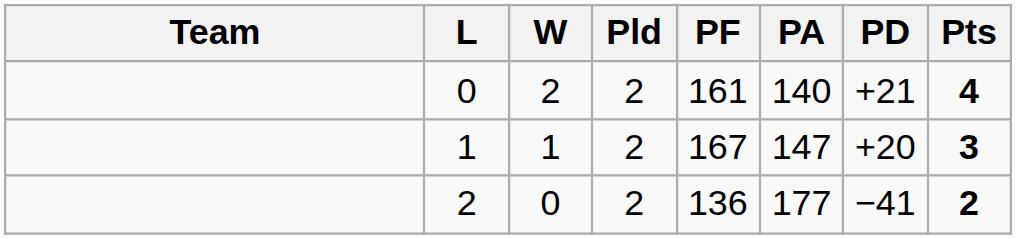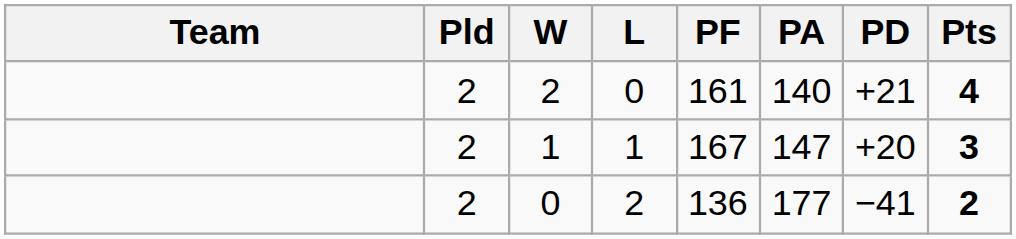 <table class=wikitable style="text-align:center">
 <tr>
 <th width=180>Team</th>
+<th width=30>Pld</th>
+<th width=30>W</th>
 <th width=30>L</th>
-<th width=30>W</th>
-<th width=30>Pld</th>
 <th width=30>PF</th>
 <th width=30>PA</th>
 <th width=30>PD</th>
 <th width=30>Pts</th>
 </tr>
 <tr>
 <td align="left"></td>
-<td>0</td>
 <td>2</td>
 <td>2</td>
+<td>0</td>
 <td>161</td>
 <td>140</td>
 <td>+21</td>
 <td><strong>4</strong></td>
 </tr>
 <tr>
 <td align="left"></td>
+<td>2</td>
 <td>1</td>
 <td>1</td>
-<td>2</td>
 <td>167</td>
 <td>147</td>
 <td>+20</td>
 <td><strong>3</strong></td>
 </tr>
 <tr>
 <td align="left"></td>
 <td>2</td>
 <td>0</td>
 <td>2</td>
 <td>136</td>
 <td>177</td>
 <td>−41</td>
 <td><strong>2</strong></td>
 </tr>
 </table>
